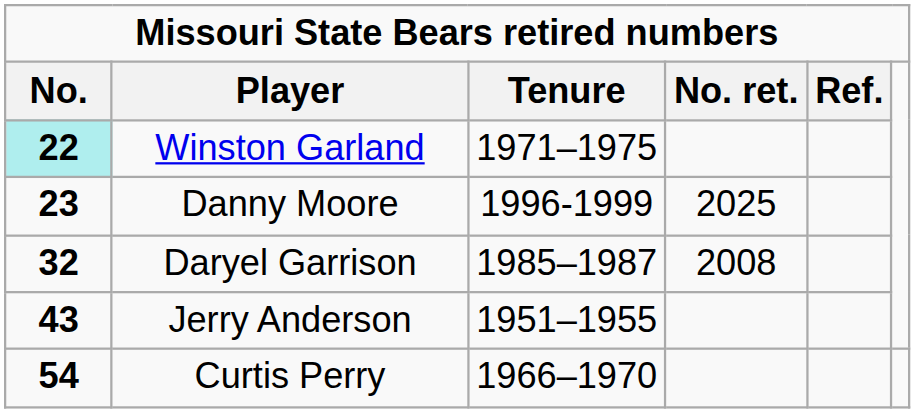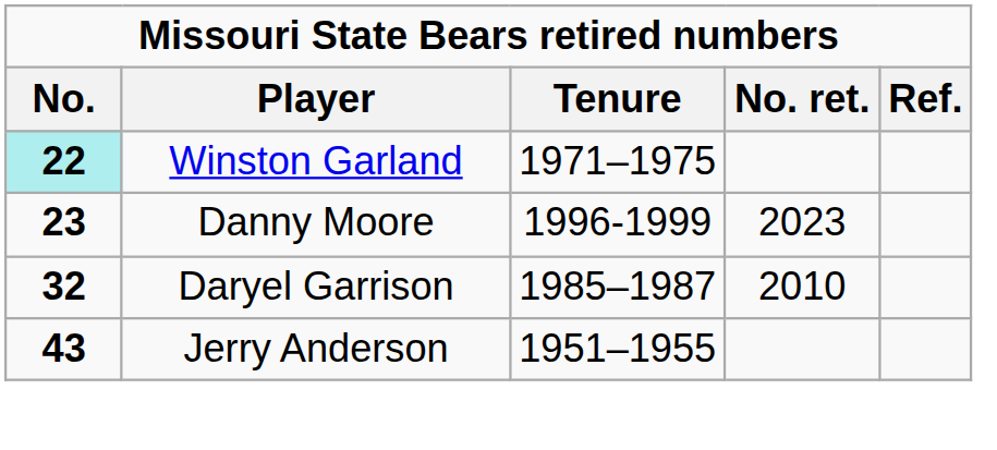 <table class="wikitable sortable" style="text-align:center">
 <tr>
 <td colspan=6><strong>Missouri State Bears retired numbers</strong></td>
 </tr>
 <tr>
 <th width=40px>No.</th>
 <th width=150px>Player</th>
 <th width=px>Tenure</th>
 <th width=px>No. ret.</th>
 <th width=px>Ref.</th>
 </tr>
 <tr>
 <td style="background: paleturquoise;"><strong>22</strong></td>
 <td><a href='#'>Winston Garland</a></td>
 <td>1971–1975</td>
 <td></td>
 <td></td>
 </tr>
 <tr>
 <td><strong>23</strong></td>
 <td>Danny Moore</td>
 <td>1996-1999</td>
-<td>2025</td>
+<td>2023</td>
 <td></td>
 </tr>
 <tr>
 <td><strong>32</strong></td>
 <td>Daryel Garrison </td>
 <td>1985–1987</td>
-<td>2008</td>
+<td>2010</td>
 <td></td>
 </tr>
 <tr>
 <td><strong>43</strong></td>
 <td>Jerry Anderson</td>
 <td>1951–1955</td>
 <td></td>
 <td></td>
 </tr>
-<tr>
-<td><strong>54</strong></td>
-<td>Curtis Perry</td>
-<td>1966–1970</td>
-<td></td>
-<td></td>
-<td></td>
-</tr>
 </table>
